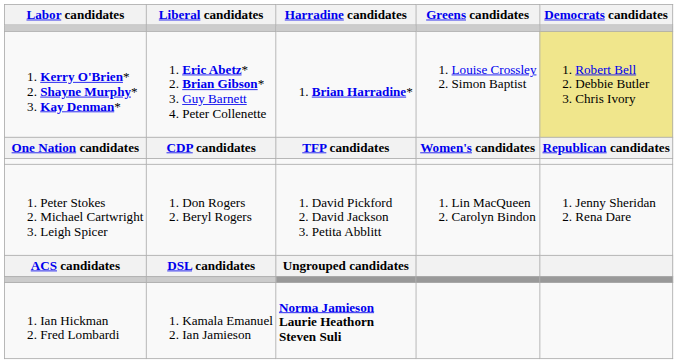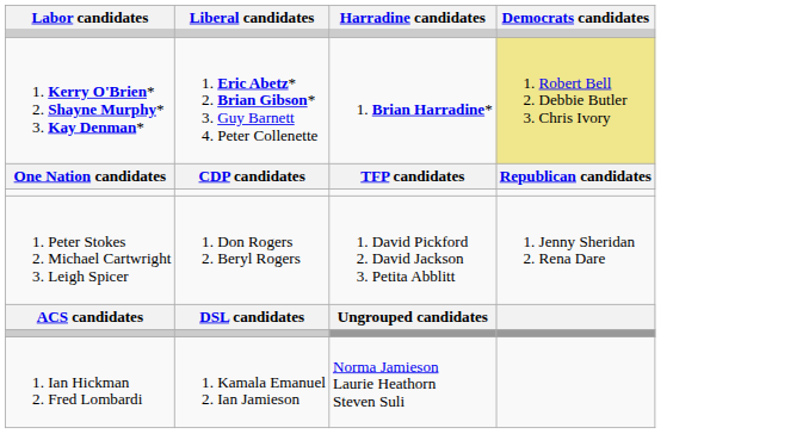 <table class="wikitable">
 <tr>
 <th><a href='#'>Labor</a> candidates</th>
 <th><a href='#'>Liberal</a> candidates</th>
 <th><a href='#'>Harradine</a> candidates</th>
-<th><a href='#'>Greens</a> candidates</th>
 <th><a href='#'>Democrats</a> candidates</th>
 </tr>
 <tr bgcolor="#cccccc">
-<td></td>
 <td></td>
 <td></td>
 <td></td>
 <td></td>
 </tr>
 <tr>
 <td><br><ol><li><strong><a href='#'>Kerry O'Brien</a></strong>*</li><li><strong><a href='#'>Shayne Murphy</a></strong>*</li><li><strong><a href='#'>Kay Denman</a></strong>*</li></ol></td>
 <td><br><ol><li><strong><a href='#'>Eric Abetz</a></strong>*</li><li><strong><a href='#'>Brian Gibson</a></strong>*</li><li><a href='#'>Guy Barnett</a></li><li>Peter Collenette</li></ol></td>
 <td><br><ol><li><strong><a href='#'>Brian Harradine</a></strong>*</li></ol></td>
-<td valign=top><br><ol><li><a href='#'>Louise Crossley</a></li><li>Simon Baptist</li></ol></td>
 <td valign=top style="background: khaki;"><br><ol><li><a href='#'>Robert Bell</a></li><li>Debbie Butler</li><li>Chris Ivory</li></ol></td>
 </tr>
 <tr bgcolor="#cccccc">
 <th><a href='#'>One Nation</a> candidates</th>
 <th><a href='#'>CDP</a> candidates</th>
 <th><a href='#'>TFP</a> candidates</th>
-<th><a href='#'>Women's</a> candidates</th>
 <th><a href='#'>Republican</a> candidates</th>
 </tr>
 <tr>
-<td></td>
 <td></td>
 <td></td>
 <td></td>
 <td></td>
 </tr>
 <tr>
 <td valign=top><br><ol><li>Peter Stokes</li><li>Michael Cartwright</li><li>Leigh Spicer</li></ol></td>
 <td valign=top><br><ol><li>Don Rogers</li><li>Beryl Rogers</li></ol></td>
 <td valign=top><br><ol><li>David Pickford</li><li>David Jackson</li><li>Petita Abblitt</li></ol></td>
-<td valign=top><br><ol><li>Lin MacQueen</li><li>Carolyn Bindon</li></ol></td>
 <td valign=top><br><ol><li>Jenny Sheridan</li><li>Rena Dare</li></ol></td>
 </tr>
 <tr bgcolor="#cccccc">
 <th><a href='#'>ACS</a> candidates</th>
 <th><a href='#'>DSL</a> candidates</th>
 <th>Ungrouped candidates</th>
 <th></th>
-<th></th>
 </tr>
 <tr bgcolor="#cccccc">
 <td></td>
 <td></td>
 <td bgcolor="#999999"></td>
 <td bgcolor="#999999"></td>
-<td bgcolor="#999999"></td>
 </tr>
 <tr>
 <td valign=top><br><ol><li>Ian Hickman</li><li>Fred Lombardi</li></ol></td>
 <td valign=top><br><ol><li>Kamala Emanuel</li><li>Ian Jamieson</li></ol></td>
-<td valign=top><strong><br><a href='#'>Norma Jamieson</a><br> Laurie Heathorn<br> Steven Suli</strong></td>
-<td valign=top></td>
+<td valign=top><br><a href='#'>Norma Jamieson</a><br> Laurie Heathorn<br> Steven Suli</td>
 <td valign=top></td>
 </tr>
 </table>
